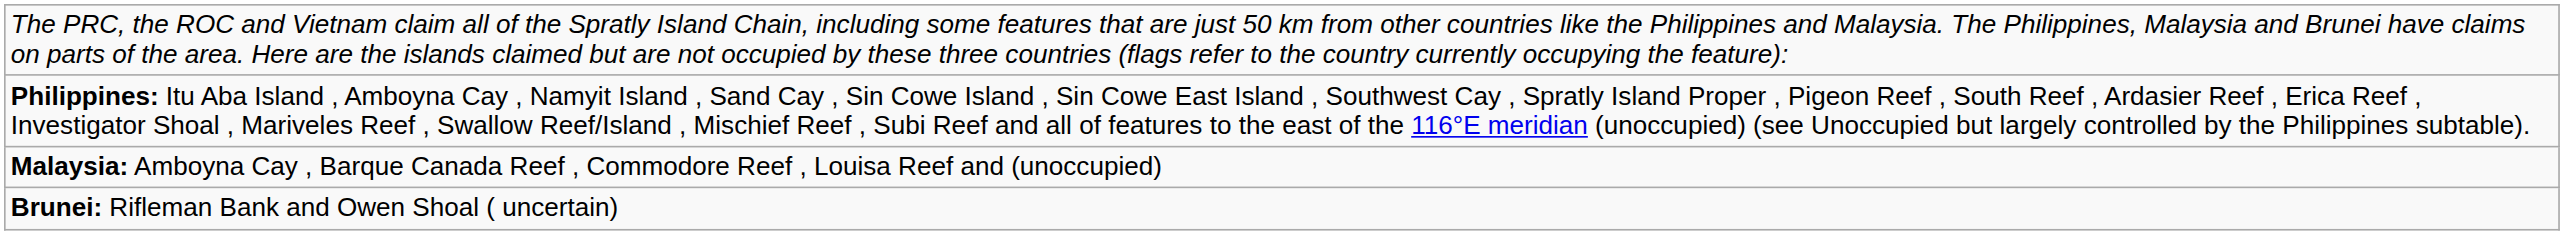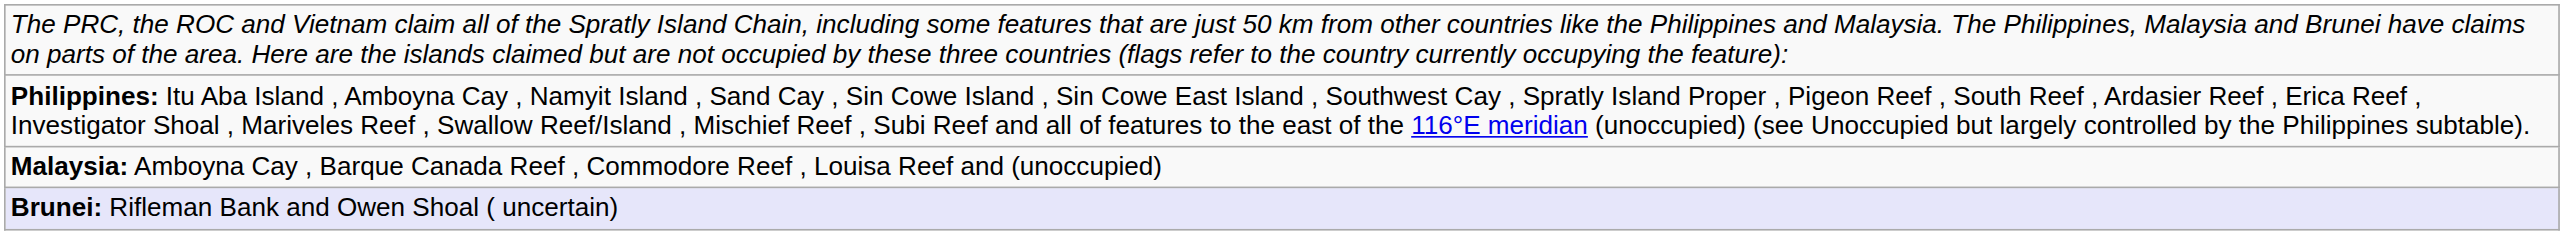 <table class="wikitable">
 <tr>
 <td><em>The PRC, the ROC and Vietnam claim all of the Spratly Island Chain, including some features that are just 50 km from other countries like the Philippines and Malaysia. The Philippines, Malaysia and Brunei have claims on parts of the area. Here are the islands claimed but are not occupied by these three countries (flags refer to the country currently occupying the feature):</em></td>
 </tr>
 <tr>
 <td><strong>Philippines:</strong> Itu Aba Island , Amboyna Cay , Namyit Island , Sand Cay , Sin Cowe Island , Sin Cowe East Island , Southwest Cay , Spratly Island Proper , Pigeon Reef , South Reef , Ardasier Reef , Erica Reef , Investigator Shoal , Mariveles Reef , Swallow Reef/Island , Mischief Reef , Subi Reef  and all of features to the east of the <a href='#'>116°E meridian</a> (unoccupied) (see Unoccupied but largely controlled by the Philippines subtable).</td>
 </tr>
 <tr>
 <td><strong>Malaysia:</strong> Amboyna Cay , Barque Canada Reef , Commodore Reef , Louisa Reef  and  (unoccupied)</td>
 </tr>
 <tr>
-<td><strong>Brunei:</strong> Rifleman Bank  and Owen Shoal ( uncertain)</td>
+<td style="background: lavender;"><strong>Brunei:</strong> Rifleman Bank  and Owen Shoal ( uncertain)</td>
 </tr>
 </table>
